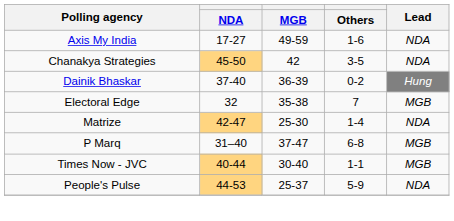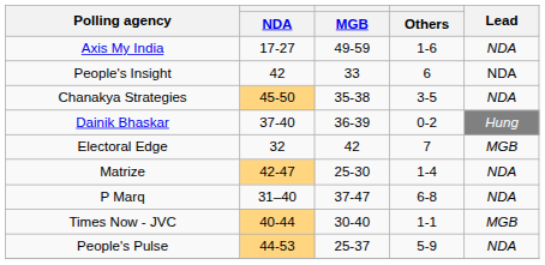 <table class="wikitable" style="text-align:center;font-size:95%;line-height:20px">
 <tr>
 <th rowspan="2" width="250px">Polling agency</th>
 <th style="color:inherit;background:"></th>
 <th style="color:inherit;background:"></th>
 <th style="color:inherit;background:"></th>
 <th rowspan="2" width="75px">Lead</th>
 </tr>
 <tr>
 <th style="width:75px;"><a href='#'>NDA</a></th>
 <th style="width:75px;"><a href='#'>MGB</a></th>
 <th style="width:75px;">Others</th>
 </tr>
 <tr>
 <td><a href='#'>Axis My India</a></td>
 <td>17-27</td>
 <td style="background:">49-59</td>
 <td>1-6</td>
 <td style="background:"><em>NDA</em></td>
 </tr>
 <tr>
+<td>People's Insight</td>
+<td>42</td>
+<td>33</td>
+<td>6</td>
+<td>NDA</td>
+</tr>
+<tr>
 <td>Chanakya Strategies</td>
 <td style="background:#FFD580;">45-50</td>
-<td style="background:">42</td>
+<td>35-38</td>
 <td>3-5</td>
 <td style="background:"><em>NDA</em></td>
 </tr>
 <tr>
 <td><a href='#'>Dainik Bhaskar</a></td>
 <td>37-40</td>
 <td>36-39</td>
 <td>0-2</td>
 <td style="background:gray; color:white;"><em>Hung</em></td>
 </tr>
 <tr>
 <td>Electoral Edge</td>
 <td>32</td>
-<td>35-38</td>
+<td style="background:">42</td>
 <td>7</td>
 <td style="background:"><em>MGB</em></td>
 </tr>
 <tr>
 <td>Matrize</td>
 <td style="background:#FFD580;">42-47</td>
 <td>25-30</td>
 <td>1-4</td>
 <td style="background:"><em>NDA</em></td>
 </tr>
 <tr>
 <td>P Marq</td>
 <td>31–40</td>
 <td style="background:">37-47</td>
 <td>6-8</td>
-<td style="background:"><em>MGB</em></td>
+<td style="background:"><em>NDA</em></td>
 </tr>
 <tr>
 <td>Times Now - JVC</td>
 <td style="background:#FFD580;">40-44</td>
 <td>30-40</td>
 <td>1-1</td>
 <td style="background:"><em>MGB</em></td>
 </tr>
 <tr>
 <td>People's Pulse</td>
 <td style="background:#FFD580;">44-53</td>
 <td>25-37</td>
 <td>5-9</td>
 <td style="background:"><em>NDA</em></td>
 </tr>
 <tr>
 </tr>
 </table>
